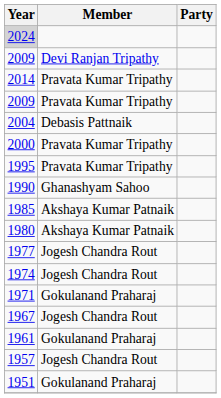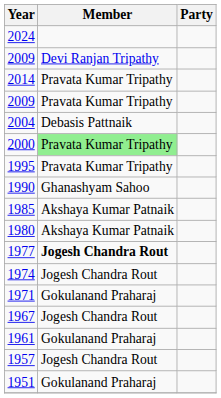 <table class="wikitable sortable">
 <tr>
 <th>Year</th>
 <th>Member</th>
 <th colspan=2>Party</th>
 </tr>
 <tr>
-<td style="background: lightgrey;"><a href='#'>2024</a></td>
+<td><a href='#'>2024</a></td>
 <td></td>
 <td></td>
 </tr>
 <tr>
 <td><a href='#'>2009</a></td>
 <td><a href='#'>Devi Ranjan Tripathy</a></td>
 <td></td>
 </tr>
 <tr>
 <td><a href='#'>2014</a></td>
 <td>Pravata Kumar Tripathy</td>
 <td></td>
 </tr>
 <tr>
 <td><a href='#'>2009</a></td>
 <td>Pravata Kumar Tripathy</td>
 <td></td>
 </tr>
 <tr>
 <td><a href='#'>2004</a></td>
 <td>Debasis Pattnaik</td>
 <td></td>
 </tr>
 <tr>
 <td><a href='#'>2000</a></td>
-<td>Pravata Kumar Tripathy</td>
+<td style="background: lightgreen;">Pravata Kumar Tripathy</td>
 <td></td>
 </tr>
 <tr>
 <td><a href='#'>1995</a></td>
 <td>Pravata Kumar Tripathy</td>
 <td></td>
 </tr>
 <tr>
 <td><a href='#'>1990</a></td>
 <td>Ghanashyam Sahoo</td>
 <td></td>
 </tr>
 <tr>
 <td><a href='#'>1985</a></td>
 <td>Akshaya Kumar Patnaik</td>
 <td></td>
 </tr>
 <tr>
 <td><a href='#'>1980</a></td>
 <td>Akshaya Kumar Patnaik</td>
 <td></td>
 </tr>
 <tr>
 <td><a href='#'>1977</a></td>
-<td>Jogesh Chandra Rout</td>
+<td><strong>Jogesh Chandra Rout</strong></td>
 <td></td>
 </tr>
 <tr>
 <td><a href='#'>1974</a></td>
 <td>Jogesh Chandra Rout</td>
 <td></td>
 </tr>
 <tr>
 <td><a href='#'>1971</a></td>
 <td>Gokulanand Praharaj</td>
 <td></td>
 </tr>
 <tr>
 <td><a href='#'>1967</a></td>
 <td>Jogesh Chandra Rout</td>
 <td></td>
 </tr>
 <tr>
 <td><a href='#'>1961</a></td>
 <td>Gokulanand Praharaj</td>
 <td></td>
 </tr>
 <tr>
 <td><a href='#'>1957</a></td>
 <td>Jogesh Chandra Rout</td>
 <td></td>
 </tr>
 <tr>
 <td><a href='#'>1951</a></td>
 <td>Gokulanand Praharaj</td>
 <td></td>
 </tr>
 <tr>
 </tr>
 </table>
